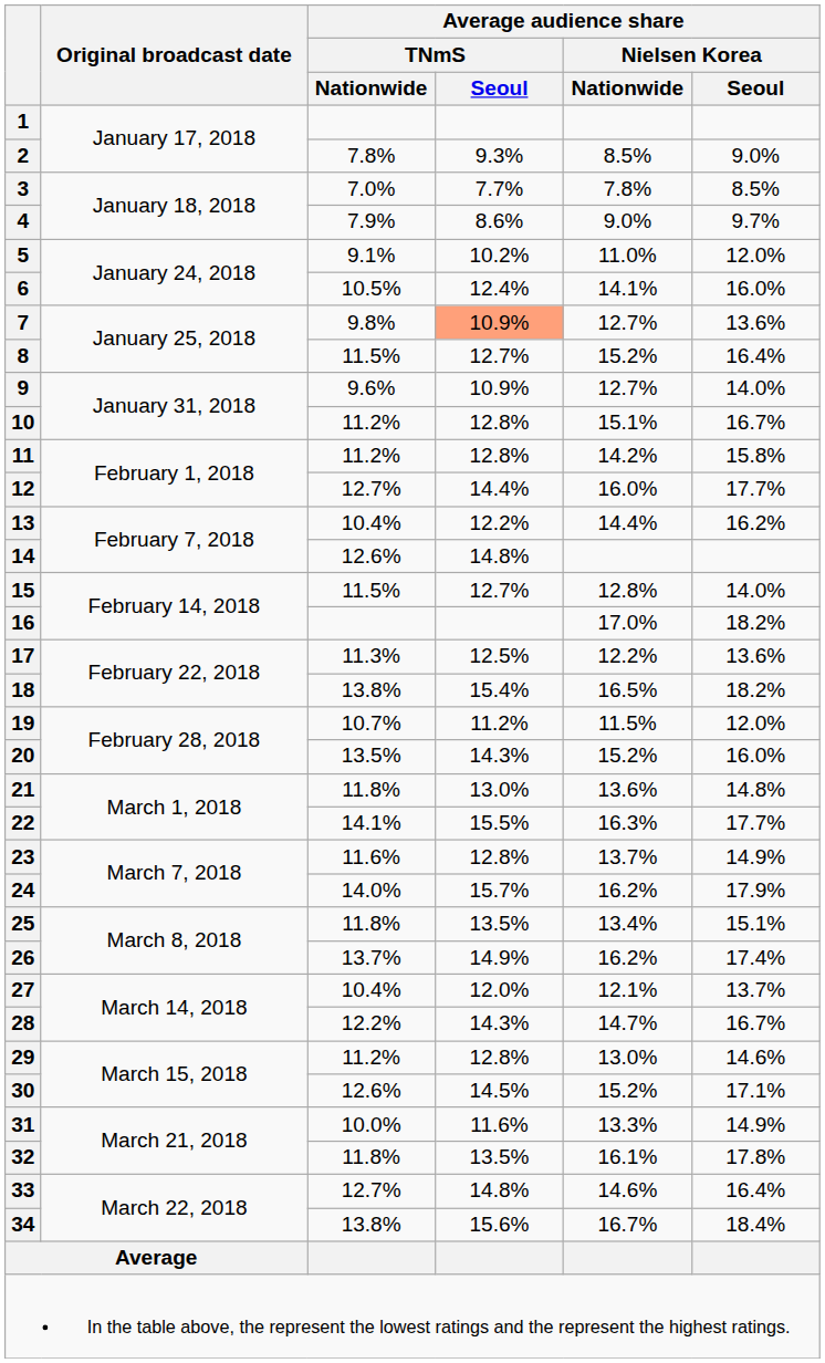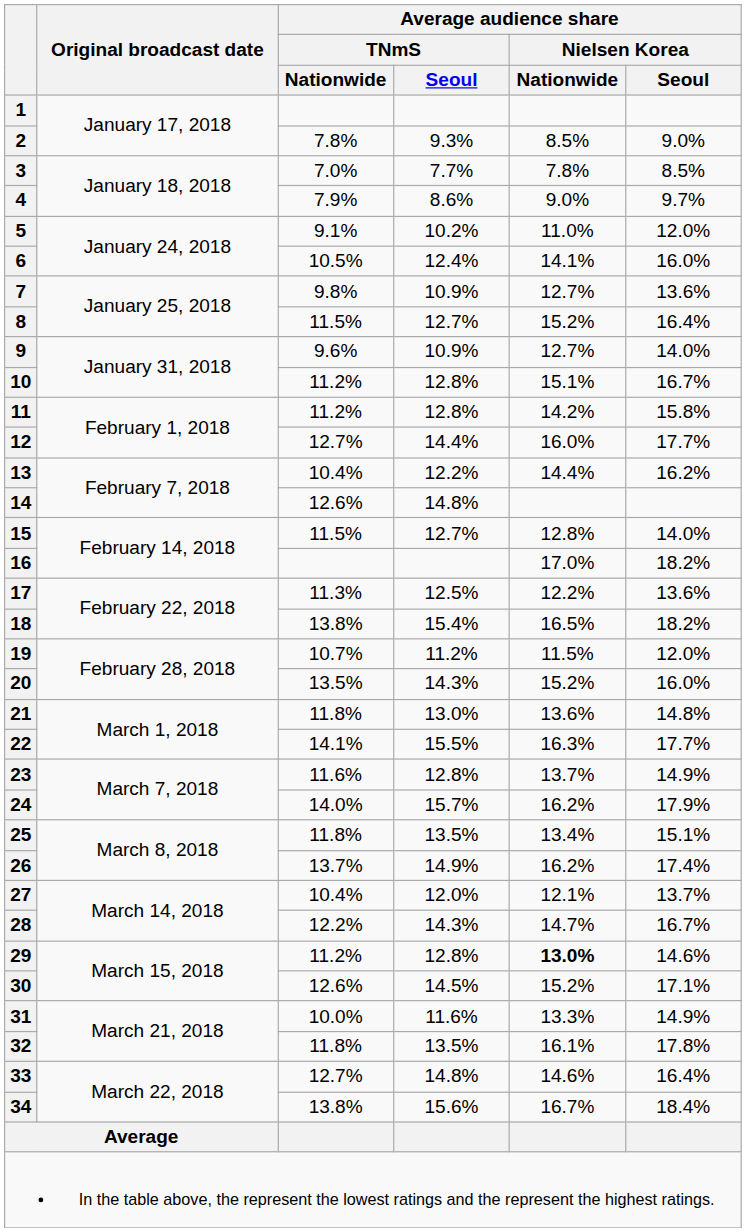 <table class="wikitable" style="text-align:center; width:620px">
 <tr>
 <th rowspan="3"></th>
 <th rowspan="3">Original broadcast date</th>
 <th colspan="4">Average audience share</th>
 </tr>
 <tr>
 <th colspan="2">TNmS</th>
 <th colspan="2">Nielsen Korea</th>
 </tr>
 <tr>
 <th width="90">Nationwide</th>
 <th width="90"><a href='#'>Seoul</a></th>
 <th width="90">Nationwide</th>
 <th width="90">Seoul</th>
 </tr>
 <tr>
 <th>1</th>
 <td rowspan="2">January 17, 2018</td>
 <td> </td>
 <td> </td>
 <td> </td>
 <td> </td>
 </tr>
 <tr>
 <th>2</th>
 <td>7.8% </td>
 <td>9.3%</td>
 <td>8.5% </td>
 <td>9.0% </td>
 </tr>
 <tr>
 <th>3</th>
 <td rowspan="2">January 18, 2018</td>
 <td>7.0% </td>
 <td>7.7%</td>
 <td>7.8% </td>
 <td>8.5% </td>
 </tr>
 <tr>
 <th>4</th>
 <td>7.9% </td>
 <td>8.6%</td>
 <td>9.0% </td>
 <td>9.7% </td>
 </tr>
 <tr>
 <th>5</th>
 <td rowspan="2">January 24, 2018</td>
 <td>9.1% </td>
 <td>10.2%</td>
 <td>11.0% </td>
 <td>12.0% </td>
 </tr>
 <tr>
 <th>6</th>
 <td>10.5% </td>
 <td>12.4%</td>
 <td>14.1% </td>
 <td>16.0% </td>
 </tr>
 <tr>
 <th>7</th>
 <td rowspan="2">January 25, 2018</td>
 <td>9.8% </td>
-<td style="background: lightsalmon;">10.9%</td>
+<td>10.9%</td>
 <td>12.7% </td>
 <td>13.6% </td>
 </tr>
 <tr>
 <th>8</th>
 <td>11.5% </td>
 <td>12.7%</td>
 <td>15.2% </td>
 <td>16.4% </td>
 </tr>
 <tr>
 <th>9</th>
 <td rowspan="2">January 31, 2018</td>
 <td>9.6% </td>
 <td>10.9%</td>
 <td>12.7% </td>
 <td>14.0% </td>
 </tr>
 <tr>
 <th>10</th>
 <td>11.2% </td>
 <td>12.8%</td>
 <td>15.1% </td>
 <td>16.7% </td>
 </tr>
 <tr>
 <th>11</th>
 <td rowspan="2">February 1, 2018</td>
 <td>11.2% </td>
 <td>12.8%</td>
 <td>14.2% </td>
 <td>15.8% </td>
 </tr>
 <tr>
 <th>12</th>
 <td>12.7% </td>
 <td>14.4%</td>
 <td>16.0% </td>
 <td>17.7% </td>
 </tr>
 <tr>
 <th>13</th>
 <td rowspan="2">February 7, 2018</td>
 <td>10.4% </td>
 <td>12.2%</td>
 <td>14.4% </td>
 <td>16.2% </td>
 </tr>
 <tr>
 <th>14</th>
 <td>12.6% </td>
 <td>14.8%</td>
 <td> </td>
 <td> </td>
 </tr>
 <tr>
 <th>15</th>
 <td rowspan="2">February 14, 2018</td>
 <td>11.5% </td>
 <td>12.7%</td>
 <td>12.8% </td>
 <td>14.0% </td>
 </tr>
 <tr>
 <th>16</th>
 <td> </td>
 <td></td>
 <td>17.0% </td>
 <td>18.2% </td>
 </tr>
 <tr>
 <th>17</th>
 <td rowspan="2">February 22, 2018</td>
 <td>11.3% </td>
 <td>12.5%</td>
 <td>12.2% </td>
 <td>13.6% </td>
 </tr>
 <tr>
 <th>18</th>
 <td>13.8% </td>
 <td>15.4%</td>
 <td>16.5% </td>
 <td>18.2% </td>
 </tr>
 <tr>
 <th>19</th>
 <td rowspan="2">February 28, 2018</td>
 <td>10.7% </td>
 <td>11.2%</td>
 <td>11.5% </td>
 <td>12.0% </td>
 </tr>
 <tr>
 <th>20</th>
 <td>13.5% </td>
 <td>14.3%</td>
 <td>15.2% </td>
 <td>16.0% </td>
 </tr>
 <tr>
 <th>21</th>
 <td rowspan="2">March 1, 2018</td>
 <td>11.8% </td>
 <td>13.0%</td>
 <td>13.6% </td>
 <td>14.8% </td>
 </tr>
 <tr>
 <th>22</th>
 <td>14.1% </td>
 <td>15.5%</td>
 <td>16.3% </td>
 <td>17.7% </td>
 </tr>
 <tr>
 <th>23</th>
 <td rowspan="2">March 7, 2018</td>
 <td>11.6% </td>
 <td>12.8%</td>
 <td>13.7% </td>
 <td>14.9% </td>
 </tr>
 <tr>
 <th>24</th>
 <td>14.0% </td>
 <td>15.7%</td>
 <td>16.2% </td>
 <td>17.9% </td>
 </tr>
 <tr>
 <th>25</th>
 <td rowspan="2">March 8, 2018</td>
 <td>11.8% </td>
 <td>13.5%</td>
 <td>13.4% </td>
 <td>15.1% </td>
 </tr>
 <tr>
 <th>26</th>
 <td>13.7% </td>
 <td>14.9%</td>
 <td>16.2% </td>
 <td>17.4% </td>
 </tr>
 <tr>
 <th>27</th>
 <td rowspan="2">March 14, 2018</td>
 <td>10.4% </td>
 <td>12.0%</td>
 <td>12.1% </td>
 <td>13.7% </td>
 </tr>
 <tr>
 <th>28</th>
 <td>12.2% </td>
 <td>14.3%</td>
 <td>14.7% </td>
 <td>16.7% </td>
 </tr>
 <tr>
 <th>29</th>
 <td rowspan="2">March 15, 2018</td>
 <td>11.2% </td>
 <td>12.8%</td>
-<td>13.0% </td>
+<td><strong>13.0% </strong></td>
 <td>14.6% </td>
 </tr>
 <tr>
 <th>30</th>
 <td>12.6% </td>
 <td>14.5%</td>
 <td>15.2% </td>
 <td>17.1% </td>
 </tr>
 <tr>
 <th>31</th>
 <td rowspan="2">March 21, 2018</td>
 <td>10.0% </td>
 <td>11.6%</td>
 <td>13.3% </td>
 <td>14.9% </td>
 </tr>
 <tr>
 <th>32</th>
 <td>11.8% </td>
 <td>13.5%</td>
 <td>16.1% </td>
 <td>17.8% </td>
 </tr>
 <tr>
 <th>33</th>
 <td rowspan="2">March 22, 2018</td>
 <td>12.7% </td>
 <td>14.8%</td>
 <td>14.6% </td>
 <td>16.4% </td>
 </tr>
 <tr>
 <th>34</th>
 <td>13.8% </td>
 <td>15.6%</td>
 <td>16.7% </td>
 <td>18.4% </td>
 </tr>
 <tr>
 <th colspan="2">Average</th>
 <th></th>
 <th></th>
 <th></th>
 <th></th>
 </tr>
 <tr>
 <td colspan="6" style="font-size:85%"><br><ul><li>In the table above, the <strong></strong> represent the lowest ratings and the <strong></strong> represent the highest ratings.</li></ul></td>
 </tr>
 </table>
